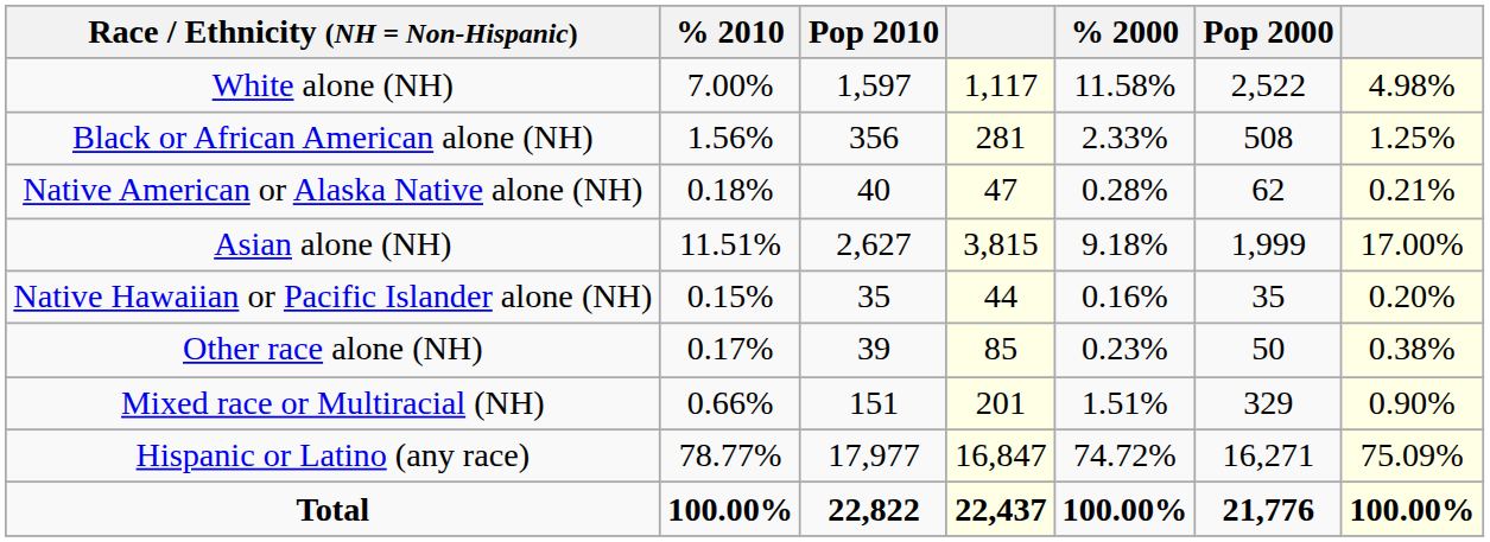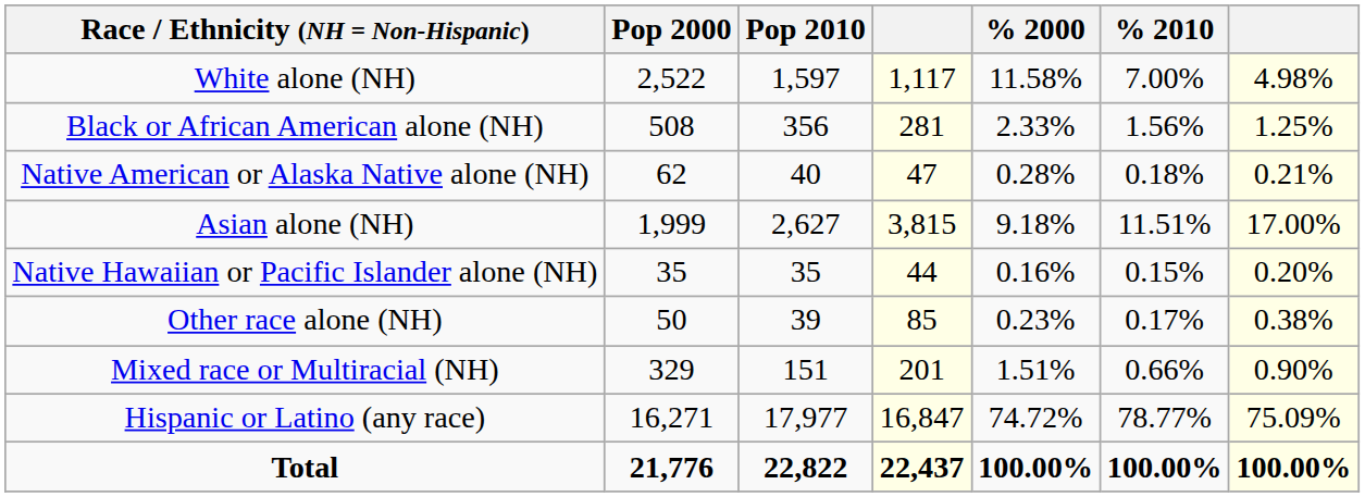 <table class="wikitable" style="text-align:center;">
 <tr>
 <th>Race / Ethnicity <small>(<em>NH = Non-Hispanic</em>)</small></th>
-<th>% 2010</th>
+<th>Pop 2000</th>
 <th>Pop 2010</th>
 <th></th>
 <th>% 2000</th>
-<th>Pop 2000</th>
+<th>% 2010</th>
 <th></th>
 </tr>
 <tr>
 <td><a href='#'>White</a> alone (NH)</td>
-<td>7.00%</td>
+<td>2,522</td>
 <td>1,597</td>
 <td style='background: #ffffe6;'>1,117</td>
 <td>11.58%</td>
-<td>2,522</td>
+<td>7.00%</td>
 <td style='background: #ffffe6;'>4.98%</td>
 </tr>
 <tr>
 <td><a href='#'>Black or African American</a> alone (NH)</td>
-<td>1.56%</td>
+<td>508</td>
 <td>356</td>
 <td style='background: #ffffe6;'>281</td>
 <td>2.33%</td>
-<td>508</td>
+<td>1.56%</td>
 <td style='background: #ffffe6;'>1.25%</td>
 </tr>
 <tr>
 <td><a href='#'>Native American</a> or <a href='#'>Alaska Native</a> alone (NH)</td>
-<td>0.18%</td>
+<td>62</td>
 <td>40</td>
 <td style='background: #ffffe6;'>47</td>
 <td>0.28%</td>
-<td>62</td>
+<td>0.18%</td>
 <td style='background: #ffffe6;'>0.21%</td>
 </tr>
 <tr>
 <td><a href='#'>Asian</a> alone (NH)</td>
-<td>11.51%</td>
+<td>1,999</td>
 <td>2,627</td>
 <td style='background: #ffffe6;'>3,815</td>
 <td>9.18%</td>
-<td>1,999</td>
+<td>11.51%</td>
 <td style='background: #ffffe6;'>17.00%</td>
 </tr>
 <tr>
 <td><a href='#'>Native Hawaiian</a> or <a href='#'>Pacific Islander</a> alone (NH)</td>
-<td>0.15%</td>
+<td>35</td>
 <td>35</td>
 <td style='background: #ffffe6;'>44</td>
 <td>0.16%</td>
-<td>35</td>
+<td>0.15%</td>
 <td style='background: #ffffe6;'>0.20%</td>
 </tr>
 <tr>
 <td><a href='#'>Other race</a> alone (NH)</td>
-<td>0.17%</td>
+<td>50</td>
 <td>39</td>
 <td style='background: #ffffe6;'>85</td>
 <td>0.23%</td>
-<td>50</td>
+<td>0.17%</td>
 <td style='background: #ffffe6;'>0.38%</td>
 </tr>
 <tr>
 <td><a href='#'>Mixed race or Multiracial</a> (NH)</td>
-<td>0.66%</td>
+<td>329</td>
 <td>151</td>
 <td style='background: #ffffe6;'>201</td>
 <td>1.51%</td>
-<td>329</td>
+<td>0.66%</td>
 <td style='background: #ffffe6;'>0.90%</td>
 </tr>
 <tr>
 <td><a href='#'>Hispanic or Latino</a> (any race)</td>
-<td>78.77%</td>
+<td>16,271</td>
 <td>17,977</td>
 <td style='background: #ffffe6;'>16,847</td>
 <td>74.72%</td>
-<td>16,271</td>
+<td>78.77%</td>
 <td style='background: #ffffe6;'>75.09%</td>
 </tr>
 <tr>
 <td><strong>Total</strong></td>
-<td><strong>100.00%</strong></td>
+<td><strong>21,776</strong></td>
 <td><strong>22,822</strong></td>
 <td style='background: #ffffe6;'><strong>22,437</strong></td>
 <td><strong>100.00%</strong></td>
-<td><strong>21,776</strong></td>
+<td><strong>100.00%</strong></td>
 <td style='background: #ffffe6;'><strong>100.00%</strong></td>
 </tr>
 </table>
